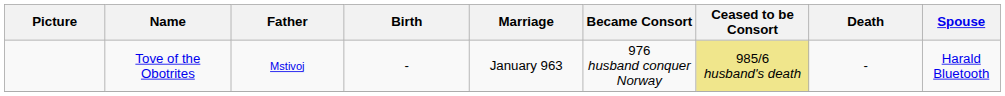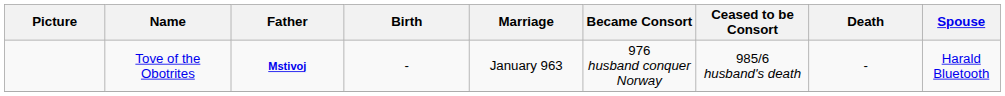 <table width=95% class="wikitable">
 <tr>
 <th width = "8%">Picture</th>
 <th width = "10%">Name</th>
 <th width = "9%">Father</th>
 <th width = "10%">Birth</th>
 <th width = "9%">Marriage</th>
 <th width = "9%">Became Consort</th>
 <th width = "9%">Ceased to be Consort</th>
 <th width = "9%">Death</th>
 <th width = "6%"><a href='#'>Spouse</a></th>
 </tr>
 <tr>
 <td align="center"></td>
 <td align="center"><a href='#'>Tove of the Obotrites</a><br></td>
-<td align="center"><small><a href='#'>Mstivoj</a></small></td>
+<td align="center"><strong><small><a href='#'>Mstivoj</a></small></strong></td>
 <td align="center">-</td>
 <td align="center">January 963</td>
 <td align="center">976<br><em>husband conquer Norway</em></td>
-<td align="center" style="background: khaki;">985/6<br><em>husband's death</em></td>
+<td align="center">985/6<br><em>husband's death</em></td>
 <td align="center">-</td>
 <td align="center"><a href='#'>Harald Bluetooth</a></td>
 </tr>
 <tr>
 </tr>
 </table>
